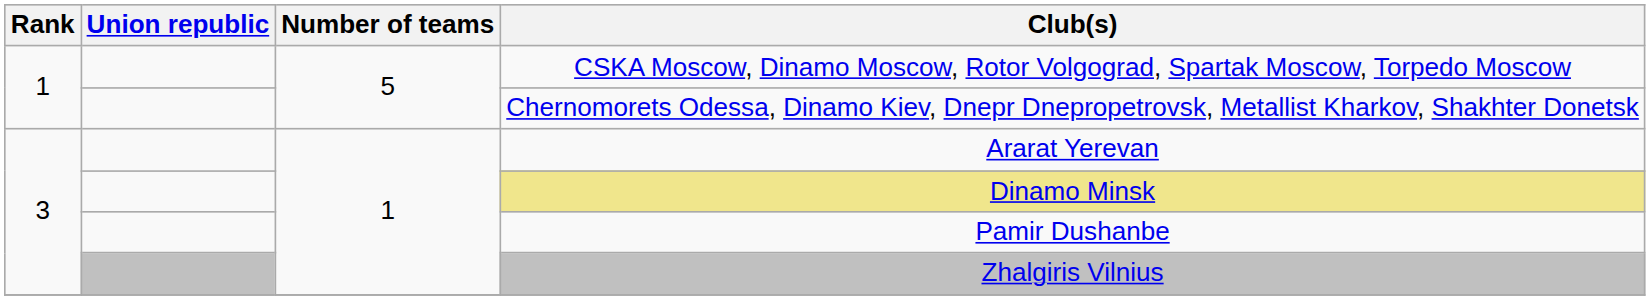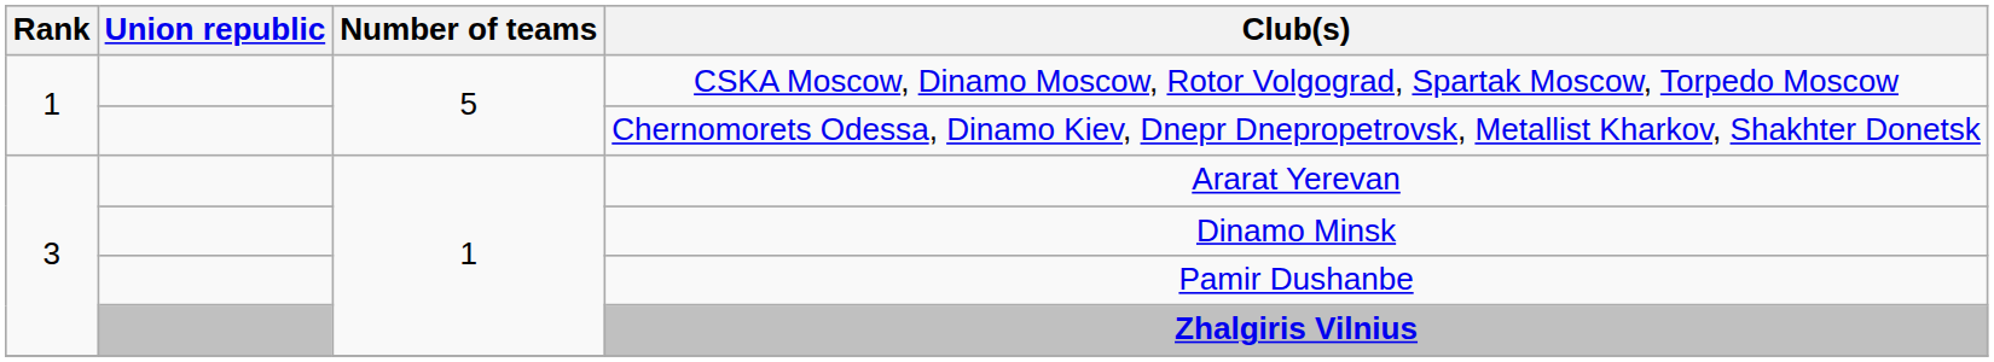 <table class="wikitable">
 <tr>
 <th>Rank</th>
 <th><a href='#'>Union republic</a></th>
 <th>Number of teams</th>
 <th>Club(s)</th>
 </tr>
 <tr>
 <td align="center" rowspan=2>1</td>
 <td></td>
 <td align="center" rowspan=2>5</td>
 <td align="center"><a href='#'>CSKA Moscow</a>, <a href='#'>Dinamo Moscow</a>, <a href='#'>Rotor Volgograd</a>, <a href='#'>Spartak Moscow</a>, <a href='#'>Torpedo Moscow</a></td>
 </tr>
 <tr>
 <td></td>
 <td align="center"><a href='#'>Chernomorets Odessa</a>, <a href='#'>Dinamo Kiev</a>, <a href='#'>Dnepr Dnepropetrovsk</a>, <a href='#'>Metallist Kharkov</a>, <a href='#'>Shakhter Donetsk</a></td>
 </tr>
 <tr>
 <td align="center" rowspan=4>3</td>
 <td></td>
 <td align="center" rowspan=4>1</td>
 <td align="center"><a href='#'>Ararat Yerevan</a></td>
 </tr>
 <tr>
 <td></td>
-<td align="center" style="background: khaki;"><a href='#'>Dinamo Minsk</a></td>
+<td align="center"><a href='#'>Dinamo Minsk</a></td>
 </tr>
 <tr>
 <td></td>
 <td align="center"><a href='#'>Pamir Dushanbe</a></td>
 </tr>
 <tr bgcolor=silver>
 <td></td>
-<td align="center"><a href='#'>Zhalgiris Vilnius</a></td>
+<td align="center"><strong><a href='#'>Zhalgiris Vilnius</a></strong></td>
 </tr>
 <tr>
 </tr>
 </table>
